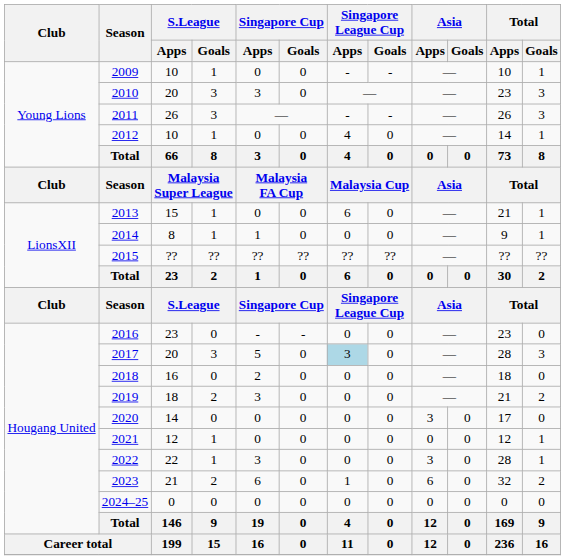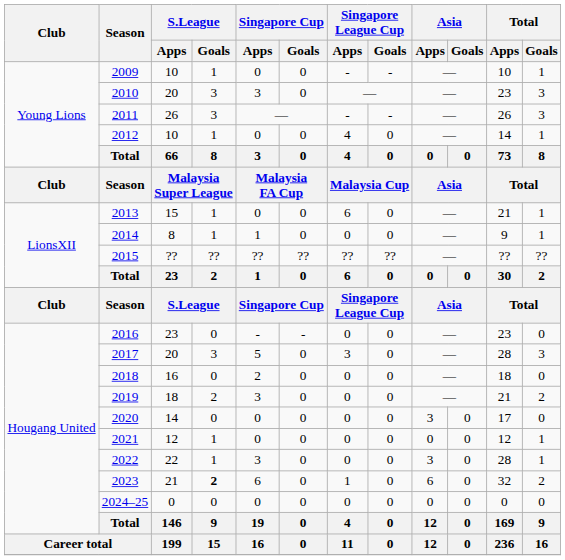 <table class="wikitable" style="text-align:center">
 <tr>
 <th rowspan="2">Club</th>
 <th rowspan="2">Season</th>
 <th colspan="2"><a href='#'>S.League</a></th>
 <th colspan="2"><a href='#'>Singapore Cup</a></th>
 <th colspan="2"><a href='#'>Singapore<br>League Cup</a></th>
 <th colspan="2"><a href='#'>Asia</a></th>
 <th colspan="2">Total</th>
 </tr>
 <tr>
 <th>Apps</th>
 <th>Goals</th>
 <th>Apps</th>
 <th>Goals</th>
 <th>Apps</th>
 <th>Goals</th>
 <th>Apps</th>
 <th>Goals</th>
 <th>Apps</th>
 <th>Goals</th>
 </tr>
 <tr>
 <td rowspan="5"><a href='#'>Young Lions</a></td>
 <td><a href='#'>2009</a></td>
 <td>10</td>
 <td>1</td>
 <td>0</td>
 <td>0</td>
 <td>-</td>
 <td>-</td>
 <td colspan='2'>—</td>
 <td>10</td>
 <td>1</td>
 </tr>
 <tr>
 <td><a href='#'>2010</a></td>
 <td>20</td>
 <td>3</td>
 <td>3</td>
 <td>0</td>
 <td colspan='2'>—</td>
 <td colspan='2'>—</td>
 <td>23</td>
 <td>3</td>
 </tr>
 <tr>
 <td><a href='#'>2011</a></td>
 <td>26</td>
 <td>3</td>
 <td colspan='2'>—</td>
 <td>-</td>
 <td>-</td>
 <td colspan='2'>—</td>
 <td>26</td>
 <td>3</td>
 </tr>
 <tr>
 <td><a href='#'>2012</a></td>
 <td>10</td>
 <td>1</td>
 <td>0</td>
 <td>0</td>
 <td>4</td>
 <td>0</td>
 <td colspan='2'>—</td>
 <td>14</td>
 <td>1</td>
 </tr>
 <tr>
 <th>Total</th>
 <th>66</th>
 <th>8</th>
 <th>3</th>
 <th>0</th>
 <th>4</th>
 <th>0</th>
 <th>0</th>
 <th>0</th>
 <th>73</th>
 <th>8</th>
 </tr>
 <tr>
 <th>Club</th>
 <th>Season</th>
 <th colspan="2"><a href='#'>Malaysia<br>Super League</a></th>
 <th colspan="2"><a href='#'>Malaysia<br>FA Cup</a></th>
 <th colspan="2"><a href='#'>Malaysia Cup</a></th>
 <th colspan="2"><a href='#'>Asia</a></th>
 <th colspan="2">Total</th>
 </tr>
 <tr>
 <td rowspan="4"><a href='#'>LionsXII</a></td>
 <td><a href='#'>2013</a></td>
 <td>15</td>
 <td>1</td>
 <td>0</td>
 <td>0</td>
 <td>6</td>
 <td>0</td>
 <td colspan='2'>—</td>
 <td>21</td>
 <td>1</td>
 </tr>
 <tr>
 <td><a href='#'>2014</a></td>
 <td>8</td>
 <td>1</td>
 <td>1</td>
 <td>0</td>
 <td>0</td>
 <td>0</td>
 <td colspan='2'>—</td>
 <td>9</td>
 <td>1</td>
 </tr>
 <tr>
 <td><a href='#'>2015</a></td>
 <td>??</td>
 <td>??</td>
 <td>??</td>
 <td>??</td>
 <td>??</td>
 <td>??</td>
 <td colspan='2'>—</td>
 <td>??</td>
 <td>??</td>
 </tr>
 <tr>
 <th>Total</th>
 <th>23</th>
 <th>2</th>
 <th>1</th>
 <th>0</th>
 <th>6</th>
 <th>0</th>
 <th>0</th>
 <th>0</th>
 <th>30</th>
 <th>2</th>
 </tr>
 <tr>
 <th rowspan="1">Club</th>
 <th rowspan="1">Season</th>
 <th colspan="2"><a href='#'>S.League</a></th>
 <th colspan="2"><a href='#'>Singapore Cup</a></th>
 <th colspan="2"><a href='#'>Singapore<br>League Cup</a></th>
 <th colspan="2"><a href='#'>Asia</a></th>
 <th colspan="2">Total</th>
 </tr>
 <tr>
 <td rowspan="10"><a href='#'>Hougang United</a></td>
 <td><a href='#'>2016</a></td>
 <td>23</td>
 <td>0</td>
 <td>-</td>
 <td>-</td>
 <td>0</td>
 <td>0</td>
 <td colspan="2">—</td>
 <td>23</td>
 <td>0</td>
 </tr>
 <tr>
 <td><a href='#'>2017</a></td>
 <td>20</td>
 <td>3</td>
 <td>5</td>
 <td>0</td>
-<td style="background: lightblue;">3</td>
+<td>3</td>
 <td>0</td>
 <td colspan='2'>—</td>
 <td>28</td>
 <td>3</td>
 </tr>
 <tr>
 <td><a href='#'>2018</a></td>
 <td>16</td>
 <td>0</td>
 <td>2</td>
 <td>0</td>
 <td>0</td>
 <td>0</td>
 <td colspan='2'>—</td>
 <td>18</td>
 <td>0</td>
 </tr>
 <tr>
 <td><a href='#'>2019</a></td>
 <td>18</td>
 <td>2</td>
 <td>3</td>
 <td>0</td>
 <td>0</td>
 <td>0</td>
 <td colspan='2'>—</td>
 <td>21</td>
 <td>2</td>
 </tr>
 <tr>
 <td><a href='#'>2020</a></td>
 <td>14</td>
 <td>0</td>
 <td>0</td>
 <td>0</td>
 <td>0</td>
 <td>0</td>
 <td>3</td>
 <td>0</td>
 <td>17</td>
 <td>0</td>
 </tr>
 <tr>
 <td><a href='#'>2021</a></td>
 <td>12</td>
 <td>1</td>
 <td>0</td>
 <td>0</td>
 <td>0</td>
 <td>0</td>
 <td>0</td>
 <td>0</td>
 <td>12</td>
 <td>1</td>
 </tr>
 <tr>
 <td><a href='#'>2022</a></td>
 <td>22</td>
 <td>1</td>
 <td>3</td>
 <td>0</td>
 <td>0</td>
 <td>0</td>
 <td>3</td>
 <td>0</td>
 <td>28</td>
 <td>1</td>
 </tr>
 <tr>
 <td><a href='#'>2023</a></td>
 <td>21</td>
-<td>2</td>
+<td><strong>2</strong></td>
 <td>6</td>
 <td>0</td>
 <td>1</td>
 <td>0</td>
 <td>6</td>
 <td>0</td>
 <td>32</td>
 <td>2</td>
 </tr>
 <tr>
 <td><a href='#'>2024–25</a></td>
 <td>0</td>
 <td>0</td>
 <td>0</td>
 <td>0</td>
 <td>0</td>
 <td>0</td>
 <td>0</td>
 <td>0</td>
 <td>0</td>
 <td>0</td>
 </tr>
 <tr>
 <th>Total</th>
 <th>146</th>
 <th>9</th>
 <th>19</th>
 <th>0</th>
 <th>4</th>
 <th>0</th>
 <th>12</th>
 <th>0</th>
 <th>169</th>
 <th>9</th>
 </tr>
 <tr>
 <th colspan="2">Career total</th>
 <th>199</th>
 <th>15</th>
 <th>16</th>
 <th>0</th>
 <th>11</th>
 <th>0</th>
 <th>12</th>
 <th>0</th>
 <th>236</th>
 <th>16</th>
 </tr>
 <tr>
 </tr>
 </table>
